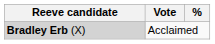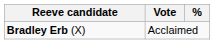 <table class="wikitable">
 <tr>
 <th width="200px">Reeve candidate</th>
 <th width="50px">Vote</th>
 <th width="30px">%</th>
 </tr>
 <tr>
-<td style="background: lightgrey;"><strong>Bradley Erb</strong> (X)</td>
+<td><strong>Bradley Erb</strong> (X)</td>
 <td colspan="2">Acclaimed</td>
 </tr>
 </table>
